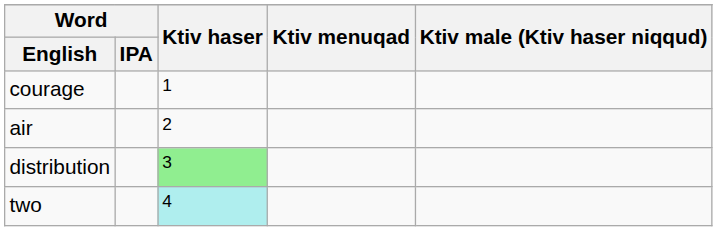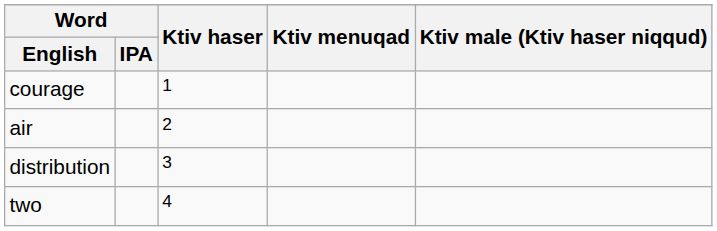 <table class="wikitable">
 <tr style="text-align: center;">
 </tr>
 <tr>
 <th colspan="2">Word</th>
 <th rowspan="2">Ktiv haser</th>
 <th rowspan="2">Ktiv menuqad</th>
 <th rowspan="2">Ktiv male (Ktiv haser niqqud)</th>
 </tr>
 <tr>
 <th>English</th>
 <th>IPA</th>
 </tr>
 <tr>
 <td>courage</td>
 <td></td>
 <td> <sup>1</sup></td>
 <td></td>
 <td></td>
 </tr>
 <tr>
 <td>air</td>
 <td></td>
 <td> <sup>2</sup></td>
 <td></td>
 <td></td>
 </tr>
 <tr>
 <td>distribution</td>
 <td></td>
-<td style="background: lightgreen;"> <sup>3</sup></td>
+<td> <sup>3</sup></td>
 <td></td>
 <td></td>
 </tr>
 <tr>
 <td>two</td>
 <td></td>
-<td style="background: paleturquoise;"> <sup>4</sup></td>
+<td> <sup>4</sup></td>
 <td></td>
 <td></td>
 </tr>
 </table>
